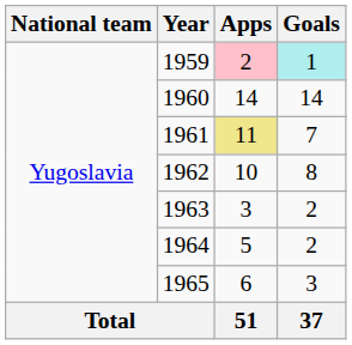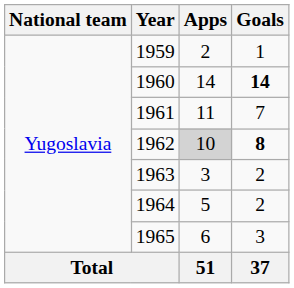 <table class="wikitable" style="text-align:center">
 <tr>
 <th>National team</th>
 <th>Year</th>
 <th>Apps</th>
 <th>Goals</th>
 </tr>
 <tr>
 <td rowspan="7" style="vertical-align:center"><a href='#'>Yugoslavia</a></td>
 <td>1959</td>
-<td style="background: pink;">2</td>
-<td style="background: paleturquoise;">1</td>
+<td>2</td>
+<td>1</td>
 </tr>
 <tr>
 <td>1960</td>
 <td>14</td>
-<td>14</td>
+<td><strong>14</strong></td>
 </tr>
 <tr>
 <td>1961</td>
-<td style="background: khaki;">11</td>
+<td>11</td>
 <td>7</td>
 </tr>
 <tr>
 <td>1962</td>
-<td>10</td>
-<td>8</td>
+<td style="background: lightgrey;">10</td>
+<td><strong>8</strong></td>
 </tr>
 <tr>
 <td>1963</td>
 <td>3</td>
 <td>2</td>
 </tr>
 <tr>
 <td>1964</td>
 <td>5</td>
 <td>2</td>
 </tr>
 <tr>
 <td>1965</td>
 <td>6</td>
 <td>3</td>
 </tr>
 <tr>
 <th colspan="2">Total</th>
 <th>51</th>
 <th>37</th>
 </tr>
 </table>
